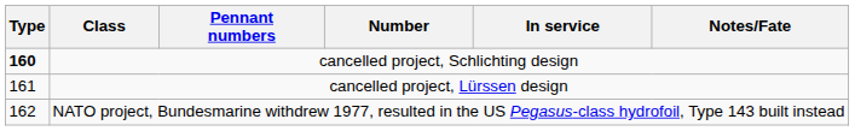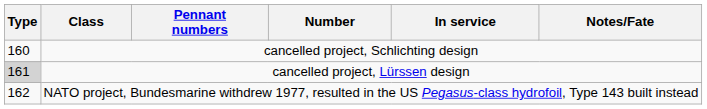 <table class="wikitable">
 <tr>
 <th scope="col">Type</th>
 <th scope="col">Class</th>
 <th scope="col"><a href='#'>Pennant<br>numbers</a></th>
 <th scope="col">Number</th>
 <th scope="col">In service</th>
 <th scope="col">Notes/Fate</th>
 </tr>
 <tr>
-<td><strong>160</strong></td>
+<td>160</td>
 <td colspan="5" style="text-align: center;">cancelled project, Schlichting design</td>
 </tr>
 <tr>
-<td>161</td>
+<td style="background: lightgrey;">161</td>
 <td colspan="5" style="text-align: center;">cancelled project, <a href='#'>Lürssen</a> design</td>
 </tr>
 <tr>
 <td>162</td>
 <td colspan="5" style="text-align: center;">NATO project, Bundesmarine withdrew 1977, resulted in the US <a href='#'><em>Pegasus</em>-class hydrofoil</a>, Type 143 built instead</td>
 </tr>
 </table>
